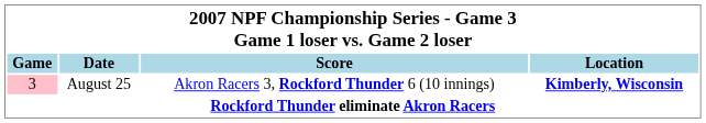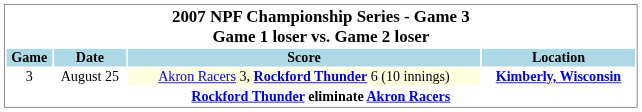 <table cellpadding="1"  style="min-width:45em;text-align:center;font-size:100%; border:1px solid gray;">
 <tr style="font-size:larger;">
 <th colspan=8>2007 NPF Championship Series - Game 3<br>Game 1 loser vs. Game 2 loser</th>
 </tr>
 <tr style="background:lightblue;">
 <th>Game</th>
 <th>Date</th>
 <th>Score</th>
 <th>Location</th>
 </tr>
 <tr>
-<td style="background: pink;">3</td>
+<td>3</td>
 <td>August 25</td>
-<td><a href='#'>Akron Racers</a> 3, <strong><a href='#'>Rockford Thunder</a></strong> 6 (10 innings)</td>
+<td style="background: lightyellow;"><a href='#'>Akron Racers</a> 3, <strong><a href='#'>Rockford Thunder</a></strong> 6 (10 innings)</td>
 <td><strong><a href='#'>Kimberly, Wisconsin</a></strong></td>
 </tr>
 <tr>
 <th colspan=8><a href='#'>Rockford Thunder</a> eliminate <a href='#'>Akron Racers</a></th>
 </tr>
 </table>
